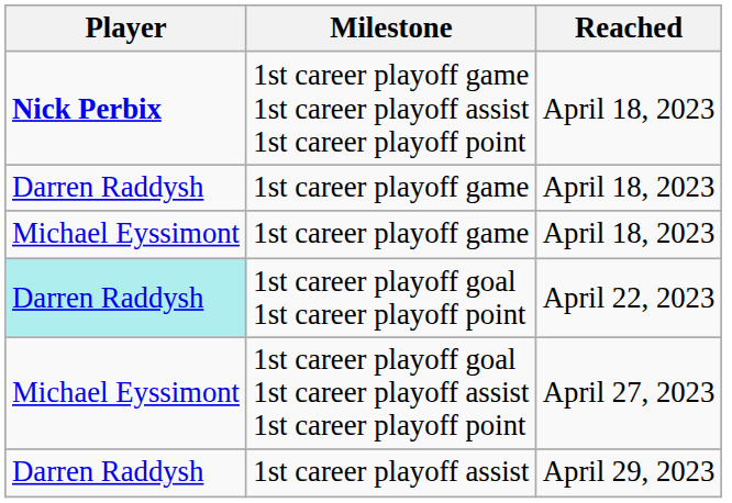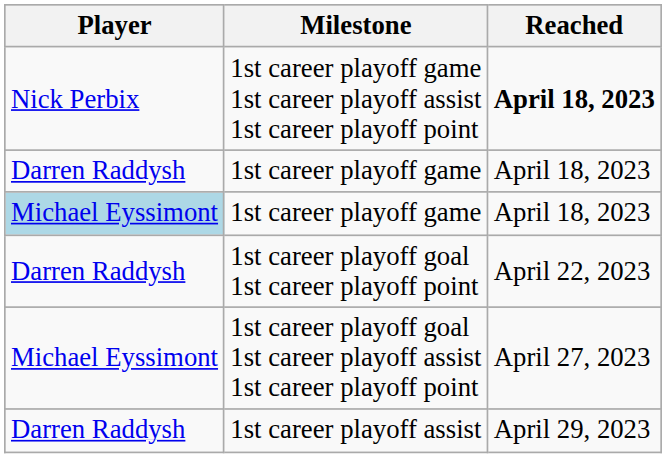 <table class="wikitable sortable">
 <tr align=center>
 <th>Player</th>
 <th>Milestone</th>
 <th data-sort-type="date">Reached</th>
 </tr>
 <tr>
-<td><strong><a href='#'>Nick Perbix</a></strong></td>
+<td><a href='#'>Nick Perbix</a></td>
 <td>1st career playoff game<br>1st career playoff assist<br>1st career playoff point</td>
-<td>April 18, 2023</td>
+<td><strong>April 18, 2023</strong></td>
 </tr>
 <tr>
 <td><a href='#'>Darren Raddysh</a></td>
 <td>1st career playoff game</td>
 <td>April 18, 2023</td>
 </tr>
 <tr>
-<td><a href='#'>Michael Eyssimont</a></td>
+<td style="background: lightblue;"><a href='#'>Michael Eyssimont</a></td>
 <td>1st career playoff game</td>
 <td>April 18, 2023</td>
 </tr>
 <tr>
-<td style="background: paleturquoise;"><a href='#'>Darren Raddysh</a></td>
+<td><a href='#'>Darren Raddysh</a></td>
 <td>1st career playoff goal<br>1st career playoff point</td>
 <td>April 22, 2023</td>
 </tr>
 <tr>
 <td><a href='#'>Michael Eyssimont</a></td>
 <td>1st career playoff goal<br>1st career playoff assist<br>1st career playoff point</td>
 <td>April 27, 2023</td>
 </tr>
 <tr>
 <td><a href='#'>Darren Raddysh</a></td>
 <td>1st career playoff assist</td>
 <td>April 29, 2023</td>
 </tr>
 </table>
